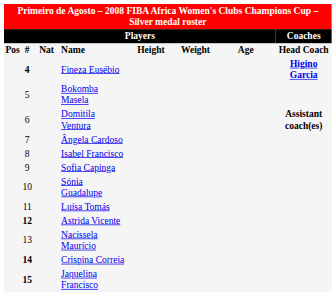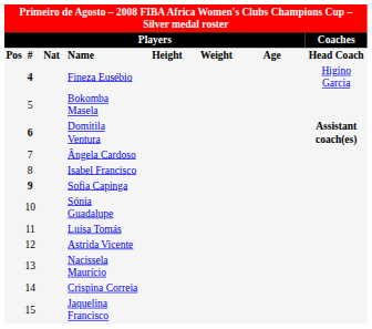 <table border=0 cellpadding=2 cellspacing=0  |- bgcolor=#f5f5f5 style="text-align:center; font-size:85%;" width=75%>
 <tr>
 <td colspan="8" style="background: red; color: white"><strong>Primeiro de Agosto – 2008 FIBA Africa Women's Clubs Champions Cup – Silver medal roster</strong></td>
 </tr>
 <tr>
 <td colspan="7" style="background: black; color: white"><strong>Players</strong></td>
 <td style="background: black; color: white"><strong>Coaches</strong></td>
 </tr>
 <tr style="background=#f5f5f5; color: black">
 <th width=5px>Pos</th>
 <th width=5px>#</th>
 <th width=50px>Nat</th>
 <th width=135px align=left>Name</th>
 <th width=100px>Height</th>
 <th width=70px>Weight</th>
 <th width=160px>Age</th>
 <th width=105px>Head Coach</th>
 </tr>
 <tr>
 <td></td>
 <td><strong>4</strong></td>
 <td></td>
 <td align=left><a href='#'>Fineza Eusébio</a></td>
 <td></td>
 <td></td>
 <td><span></span></td>
-<td><strong> <a href='#'>Higino Garcia</a></strong></td>
+<td> <a href='#'>Higino Garcia</a></td>
 </tr>
 <tr>
 <td></td>
 <td>5</td>
 <td></td>
 <td align=left><a href='#'>Bokomba Masela</a></td>
 <td></td>
 <td></td>
 <td><span></span></td>
 </tr>
 <tr>
 <td></td>
-<td>6</td>
+<td><strong>6</strong></td>
 <td></td>
 <td align=left><a href='#'>Domitila Ventura</a></td>
 <td></td>
 <td></td>
 <td><span></span></td>
 <td><strong>Assistant coach(es)</strong></td>
 </tr>
 <tr>
 <td></td>
 <td>7</td>
 <td></td>
 <td align=left><a href='#'>Ângela Cardoso</a></td>
 <td></td>
 <td></td>
 <td><span></span></td>
 <td></td>
 </tr>
 <tr>
 <td></td>
 <td>8</td>
 <td></td>
 <td align=left><a href='#'>Isabel Francisco</a></td>
 <td></td>
 <td></td>
 <td><span></span></td>
 <td></td>
 </tr>
 <tr>
 <td></td>
-<td>9</td>
+<td><strong>9</strong></td>
 <td></td>
 <td align=left><a href='#'>Sofia Capinga</a></td>
 <td></td>
 <td></td>
 <td><span></span></td>
 </tr>
 <tr>
 <td></td>
 <td>10</td>
 <td></td>
 <td align=left><a href='#'>Sónia Guadalupe</a></td>
 <td></td>
 <td></td>
 <td><span></span></td>
 </tr>
 <tr>
 <td></td>
 <td>11</td>
 <td></td>
 <td align=left><a href='#'>Luísa Tomás</a></td>
 <td></td>
 <td></td>
 <td><span></span></td>
 </tr>
 <tr>
 <td></td>
-<td><strong>12</strong></td>
+<td>12</td>
 <td></td>
 <td align=left><a href='#'>Astrida Vicente</a></td>
 <td></td>
 <td></td>
 <td><span></span></td>
 </tr>
 <tr>
 <td></td>
 <td>13</td>
 <td></td>
 <td align=left><a href='#'>Nacissela Maurício</a></td>
 <td></td>
 <td></td>
 <td><span></span></td>
 </tr>
 <tr>
 <td></td>
-<td><strong>14</strong></td>
+<td>14</td>
 <td></td>
 <td align=left><a href='#'>Crispina Correia</a></td>
 <td></td>
 <td></td>
 <td><span></span></td>
 </tr>
 <tr>
 <td></td>
-<td><strong>15</strong></td>
+<td>15</td>
 <td></td>
 <td align=left><a href='#'>Jaquelina Francisco</a></td>
 <td></td>
 <td></td>
 <td><span></span></td>
 </tr>
 </table>
